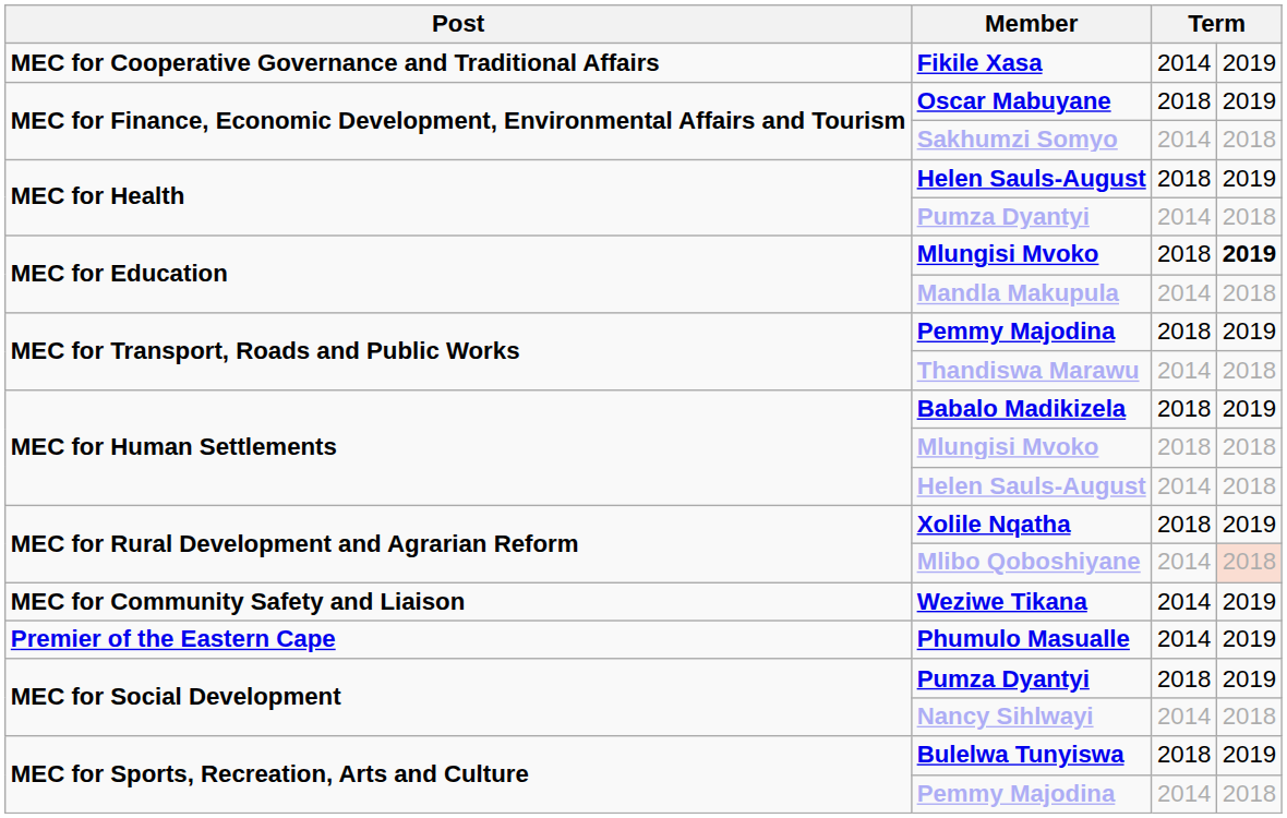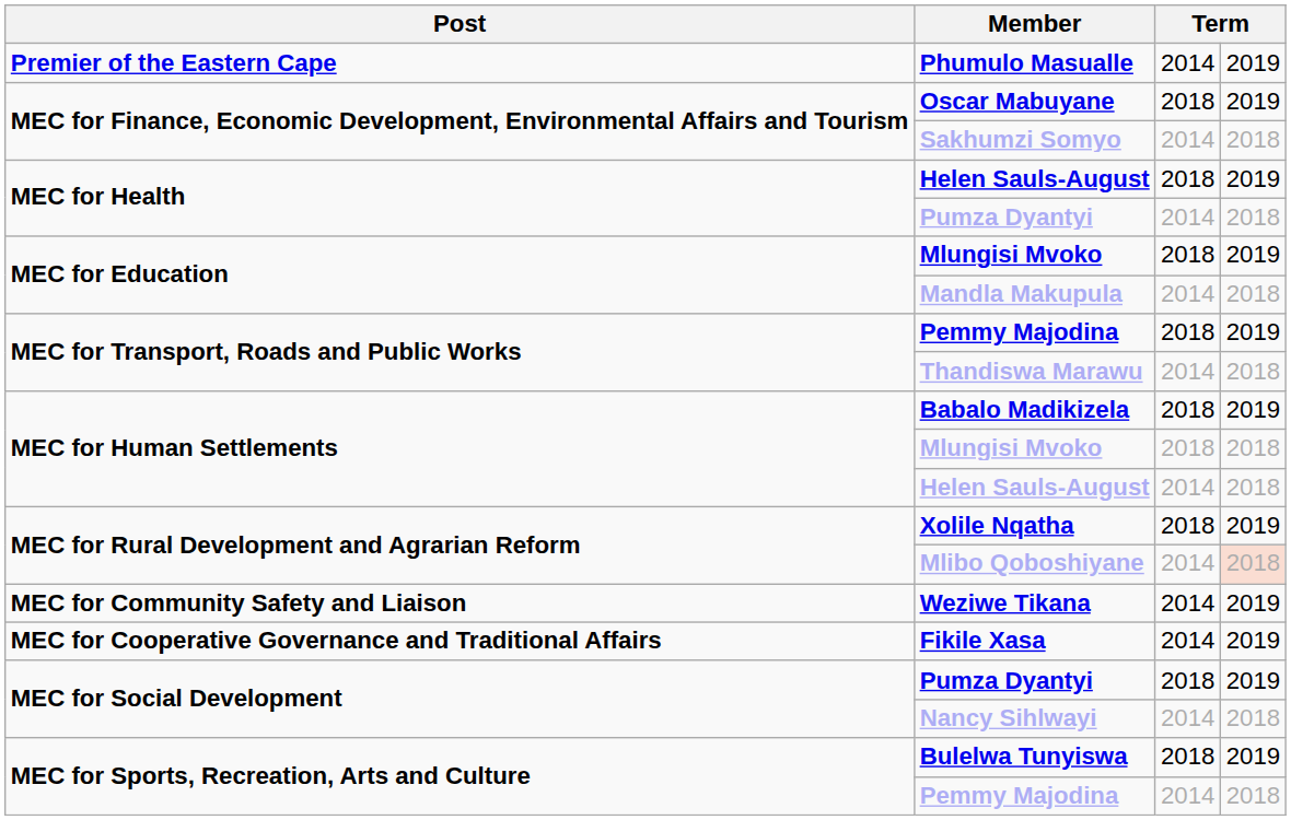 <table class="wikitable">
 <tr>
 <th>Post</th>
 <th>Member</th>
 <th colspan="2">Term</th>
 </tr>
 <tr>
-<td><strong>MEC for Cooperative Governance and Traditional Affairs</strong></td>
-<td><strong><a href='#'>Fikile Xasa</a></strong></td>
+<td><strong><a href='#'>Premier of the Eastern Cape</a></strong></td>
+<td><strong><a href='#'>Phumulo Masualle</a></strong></td>
 <td>2014</td>
 <td>2019</td>
 </tr>
 <tr>
 <td rowspan="2"><strong>MEC for Finance, Economic Development, Environmental Affairs and Tourism</strong></td>
 <td><strong><a href='#'>Oscar Mabuyane</a></strong></td>
 <td>2018</td>
 <td>2019</td>
 </tr>
 <tr style="opacity:.3;">
 <td><strong><a href='#'>Sakhumzi Somyo</a></strong></td>
 <td>2014</td>
 <td>2018</td>
 </tr>
 <tr>
 <td rowspan="2"><strong>MEC for Health</strong></td>
 <td><strong><a href='#'>Helen Sauls-August</a></strong></td>
 <td>2018</td>
 <td>2019</td>
 </tr>
 <tr style="opacity:.3;">
 <td><strong><a href='#'>Pumza Dyantyi</a></strong></td>
 <td>2014</td>
 <td>2018</td>
 </tr>
 <tr>
 <td rowspan="2"><strong>MEC for Education</strong></td>
 <td><strong><a href='#'>Mlungisi Mvoko</a></strong></td>
 <td>2018</td>
-<td><strong>2019</strong></td>
+<td>2019</td>
 </tr>
 <tr style="opacity:.3;">
 <td><strong><a href='#'>Mandla Makupula</a></strong></td>
 <td>2014</td>
 <td>2018</td>
 </tr>
 <tr>
 <td rowspan="2"><strong>MEC for Transport, Roads and Public Works</strong></td>
 <td><strong><a href='#'>Pemmy Majodina</a></strong></td>
 <td>2018</td>
 <td>2019</td>
 </tr>
 <tr style="opacity:.3;">
 <td><strong><a href='#'>Thandiswa Marawu</a></strong></td>
 <td>2014</td>
 <td>2018</td>
 </tr>
 <tr>
 <td rowspan="3"><strong>MEC for Human Settlements</strong></td>
 <td><strong><a href='#'>Babalo Madikizela</a></strong></td>
 <td>2018</td>
 <td>2019</td>
 </tr>
 <tr style="opacity:.3;">
 <td><strong><a href='#'>Mlungisi Mvoko</a></strong></td>
 <td>2018</td>
 <td>2018</td>
 </tr>
 <tr style="opacity:.3;">
 <td><strong><a href='#'>Helen Sauls-August</a></strong></td>
 <td>2014</td>
 <td>2018</td>
 </tr>
 <tr>
 <td rowspan="2"><strong>MEC for Rural Development and Agrarian Reform</strong></td>
 <td><strong><a href='#'>Xolile Nqatha</a></strong></td>
 <td>2018</td>
 <td>2019</td>
 </tr>
 <tr style="opacity:.3;">
 <td><strong><a href='#'>Mlibo Qoboshiyane</a></strong></td>
 <td>2014</td>
 <td style="background: lightsalmon;">2018</td>
 </tr>
 <tr>
 <td><strong>MEC for Community Safety and Liaison</strong></td>
 <td><strong><a href='#'>Weziwe Tikana</a></strong></td>
 <td>2014</td>
 <td>2019</td>
 </tr>
 <tr>
-<td><strong><a href='#'>Premier of the Eastern Cape</a></strong></td>
-<td><strong><a href='#'>Phumulo Masualle</a></strong></td>
+<td><strong>MEC for Cooperative Governance and Traditional Affairs</strong></td>
+<td><strong><a href='#'>Fikile Xasa</a></strong></td>
 <td>2014</td>
 <td>2019</td>
 </tr>
 <tr>
 <td rowspan="2"><strong>MEC for Social Development</strong></td>
 <td><strong><a href='#'>Pumza Dyantyi</a></strong></td>
 <td>2018</td>
 <td>2019</td>
 </tr>
 <tr style="opacity:.3;">
 <td><strong><a href='#'>Nancy Sihlwayi</a></strong></td>
 <td>2014</td>
 <td>2018</td>
 </tr>
 <tr>
 <td rowspan="2"><strong>MEC for Sports, Recreation, Arts and Culture</strong></td>
 <td><strong><a href='#'>Bulelwa Tunyiswa</a></strong></td>
 <td>2018</td>
 <td>2019</td>
 </tr>
 <tr style="opacity:.3;">
 <td><strong><a href='#'>Pemmy Majodina</a></strong></td>
 <td>2014</td>
 <td>2018</td>
 </tr>
 </table>
